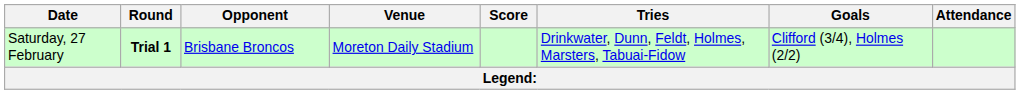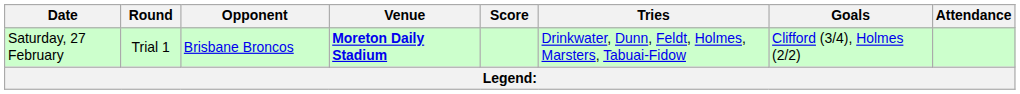 <table class="wikitable" style="font-size:75%;">
 <tr>
 <th style="width:120px;">Date</th>
 <th style="width:50px;">Round</th>
 <th style="width:160px;">Opponent</th>
 <th style="width:170px;">Venue</th>
 <th style="width:50px;">Score</th>
 <th style="width:270px;">Tries</th>
 <th style="width:190px;">Goals</th>
 <th style="width:60px;">Attendance</th>
 </tr>
 <tr style="background:#CCFFCC">
 <td>Saturday, 27 February</td>
-<td style="text-align:center;"><strong>Trial 1</strong></td>
+<td style="text-align:center;">Trial 1</td>
 <td> <a href='#'>Brisbane Broncos</a></td>
-<td><a href='#'>Moreton Daily Stadium</a></td>
+<td><strong><a href='#'>Moreton Daily Stadium</a></strong></td>
 <td style="text-align:center;"></td>
 <td><a href='#'>Drinkwater</a>, <a href='#'>Dunn</a>, <a href='#'>Feldt</a>, <a href='#'>Holmes</a>, <a href='#'>Marsters</a>, <a href='#'>Tabuai-Fidow</a></td>
 <td><a href='#'>Clifford</a> (3/4), <a href='#'>Holmes</a> (2/2)</td>
 <td style="text-align:center;"></td>
 </tr>
 <tr>
 <th colspan="11"><strong>Legend</strong>:    </th>
 </tr>
 </table>
